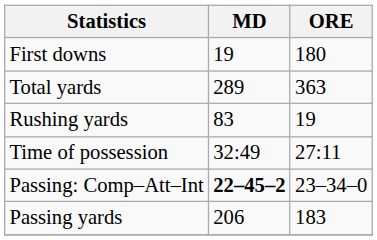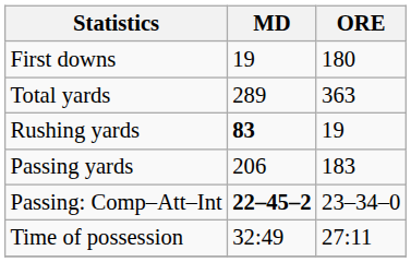 <table class="wikitable" style="float: left;">
 <tr>
 <th>Statistics</th>
 <th>MD</th>
 <th>ORE</th>
 </tr>
 <tr>
 <td>First downs</td>
 <td>19</td>
 <td>180</td>
 </tr>
 <tr>
 <td>Total yards</td>
 <td>289</td>
 <td>363</td>
 </tr>
 <tr>
 <td>Rushing yards</td>
-<td>83</td>
+<td><strong>83</strong></td>
 <td>19</td>
+</tr>
+<tr>
+<td>Passing yards</td>
+<td>206</td>
+<td>183</td>
+</tr>
+<tr>
+<td>Passing: Comp–Att–Int</td>
+<td><strong>22–45–2</strong></td>
+<td>23–34–0</td>
 </tr>
 <tr>
 <td>Time of possession</td>
 <td>32:49</td>
 <td>27:11</td>
 </tr>
 <tr>
-<td>Passing: Comp–Att–Int</td>
-<td><strong>22–45–2</strong></td>
-<td>23–34–0</td>
-</tr>
-<tr>
-<td>Passing yards</td>
-<td>206</td>
-<td>183</td>
-</tr>
-<tr>
 </tr>
 </table>
